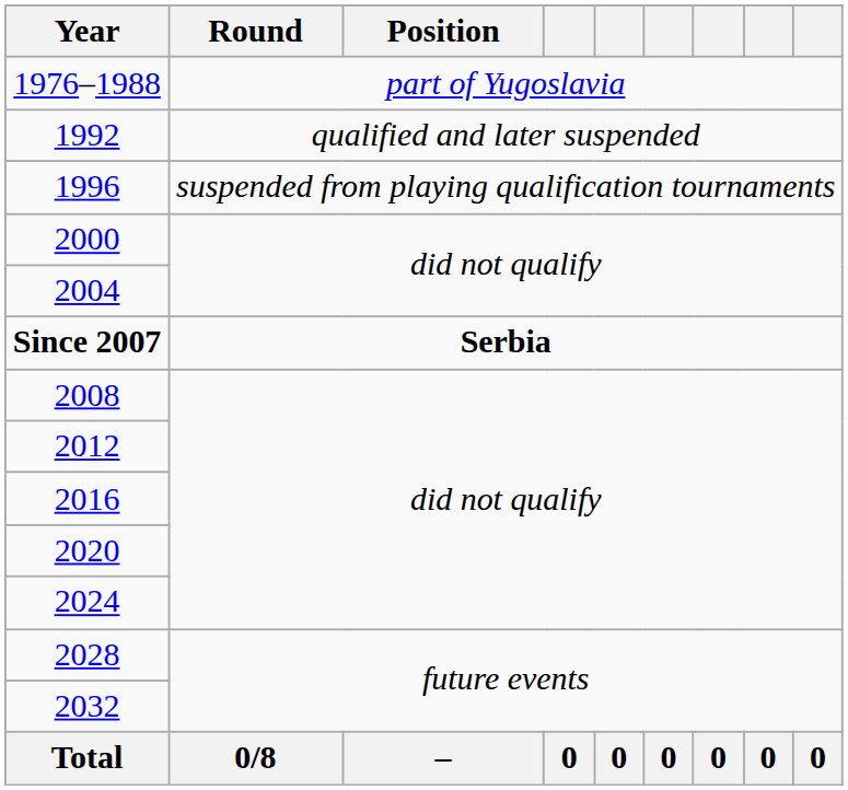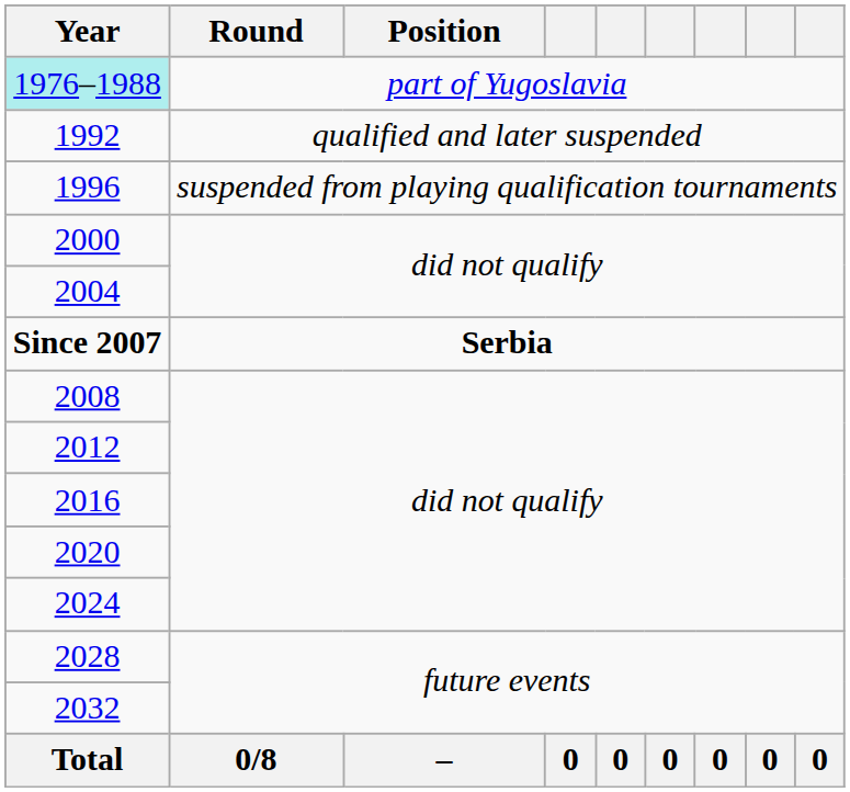 <table class="wikitable" style="text-align: center;">
 <tr>
 <th>Year</th>
 <th>Round</th>
 <th>Position</th>
 <th></th>
 <th></th>
 <th></th>
 <th></th>
 <th></th>
 <th></th>
 </tr>
 <tr>
-<td><a href='#'>1976</a>–<a href='#'>1988</a></td>
+<td style="background: paleturquoise;"><a href='#'>1976</a>–<a href='#'>1988</a></td>
 <td colspan="8"><em><a href='#'>part of Yugoslavia</a></em></td>
 </tr>
 <tr>
 <td> <a href='#'>1992</a></td>
 <td colspan="8"><em>qualified and later suspended</em></td>
 </tr>
 <tr>
 <td> <a href='#'>1996</a></td>
 <td colspan="8"><em>suspended from playing qualification tournaments</em></td>
 </tr>
 <tr>
 <td> <a href='#'>2000</a></td>
 <td colspan="8" rowspan="2"><em>did not qualify</em></td>
 </tr>
 <tr>
 <td> <a href='#'>2004</a></td>
 </tr>
 <tr>
 <td><strong>Since 2007</strong></td>
 <td colspan="8" rowspan="1"><strong>Serbia</strong>  </td>
 </tr>
 <tr>
 <td> <a href='#'>2008</a></td>
 <td colspan="8" rowspan="5"><em>did not qualify</em></td>
 </tr>
 <tr>
 <td> <a href='#'>2012</a></td>
 </tr>
 <tr>
 <td> <a href='#'>2016</a></td>
 </tr>
 <tr>
 <td> <a href='#'>2020</a></td>
 </tr>
 <tr>
 <td> <a href='#'>2024</a></td>
 </tr>
 <tr>
 <td> <a href='#'>2028</a></td>
 <td colspan="8" rowspan="2"><em>future events</em></td>
 </tr>
 <tr>
 <td> <a href='#'>2032</a></td>
 </tr>
 <tr>
 <th>Total</th>
 <th>0/8</th>
 <th>–</th>
 <th>0</th>
 <th>0</th>
 <th>0</th>
 <th>0</th>
 <th>0</th>
 <th>0</th>
 </tr>
 </table>
